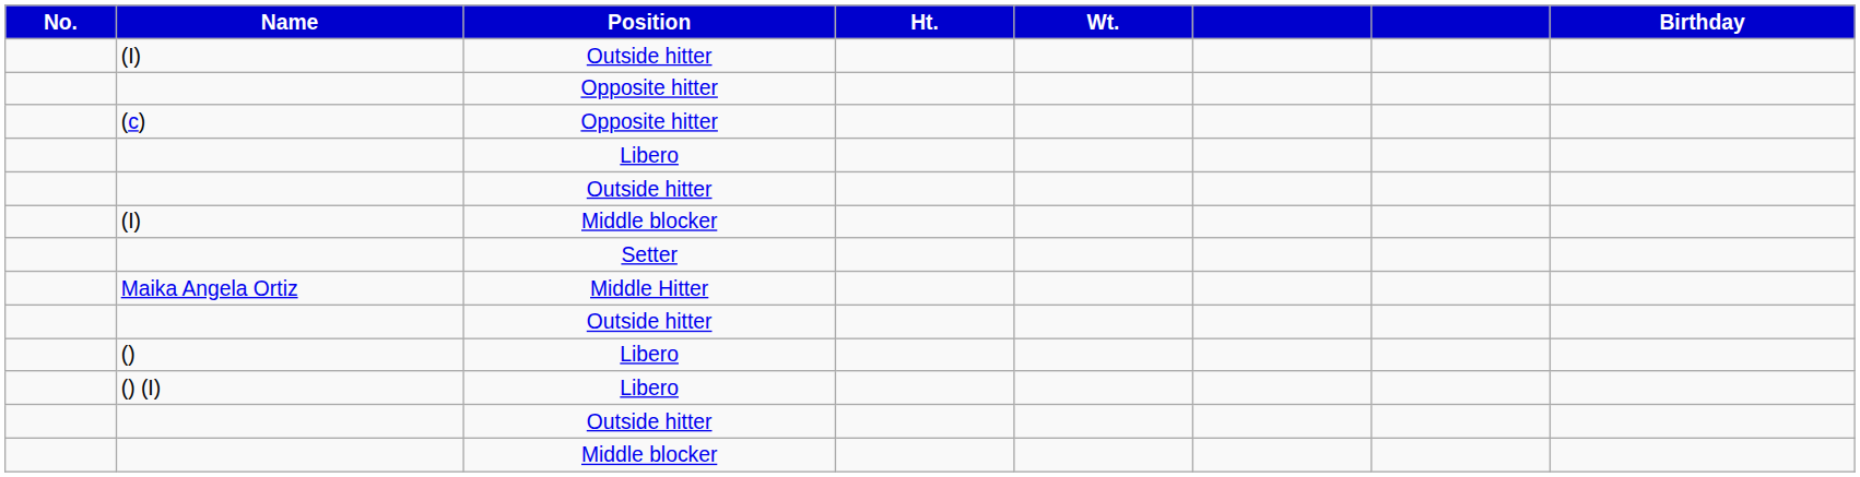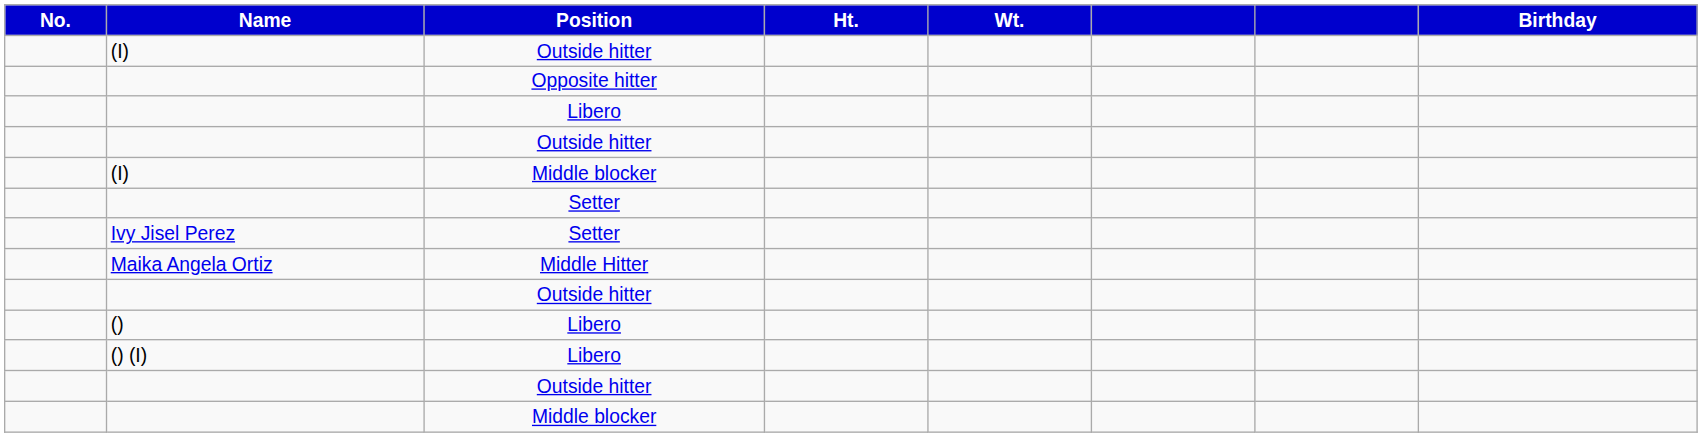 <table class="wikitable sortable" style="font-size:90%; text-align:center; width:100%;">
 <tr>
 <th style="background:#0000CD; color:white; text-align: center"><strong>No.</strong></th>
 <th style="width:16em; background:#0000CD; color:white;">Name</th>
 <th style="background:#0000CD; color:white; text-align: center"><strong>Position</strong></th>
 <th style="width:8em; background:#0000CD; color:white;">Ht.</th>
 <th style="width:8em; background:#0000CD; color:white;">Wt.</th>
 <th style="width:8em; background:#0000CD; color:white;"></th>
 <th style="width:8em; background:#0000CD; color:white;"></th>
 <th style="width:14em; background:#0000CD; color:white;">Birthday</th>
 </tr>
 <tr>
 <td></td>
 <td align=left> (I)</td>
 <td><a href='#'>Outside hitter</a></td>
 <td></td>
 <td></td>
 <td></td>
 <td></td>
 <td align=right></td>
 </tr>
 <tr>
 <td></td>
 <td align=left></td>
-<td><a href='#'>Opposite hitter</a></td>
-<td></td>
-<td></td>
-<td></td>
-<td></td>
-<td align=right></td>
-</tr>
-<tr>
-<td></td>
-<td align=left> (<a href='#'>c</a>)</td>
 <td><a href='#'>Opposite hitter</a></td>
 <td></td>
 <td></td>
 <td></td>
 <td></td>
 <td align=right></td>
 </tr>
 <tr>
 <td></td>
 <td align=left></td>
 <td><a href='#'>Libero</a></td>
 <td></td>
 <td></td>
 <td></td>
 <td></td>
 <td align=right></td>
 </tr>
 <tr>
 <td></td>
 <td align=left></td>
 <td><a href='#'>Outside hitter</a></td>
 <td></td>
 <td></td>
 <td></td>
 <td></td>
 <td align=right></td>
 </tr>
 <tr>
 <td></td>
 <td align=left> (I)</td>
 <td><a href='#'>Middle blocker</a></td>
 <td></td>
 <td></td>
 <td></td>
 <td></td>
 <td align=right></td>
 </tr>
 <tr>
 <td></td>
 <td align=left></td>
+<td><a href='#'>Setter</a></td>
+<td></td>
+<td></td>
+<td></td>
+<td></td>
+<td align=right></td>
+</tr>
+<tr>
+<td></td>
+<td align=left><a href='#'>Ivy Jisel Perez</a></td>
 <td><a href='#'>Setter</a></td>
 <td></td>
 <td></td>
 <td></td>
 <td></td>
 <td align=right></td>
 </tr>
 <tr>
 <td></td>
 <td align=left><a href='#'>Maika Angela Ortiz</a></td>
 <td><a href='#'>Middle Hitter</a></td>
 <td></td>
 <td></td>
 <td></td>
 <td></td>
 <td align=right></td>
 </tr>
 <tr>
 <td></td>
 <td align=left></td>
 <td><a href='#'>Outside hitter</a></td>
 <td></td>
 <td></td>
 <td></td>
 <td></td>
 <td align=right></td>
 </tr>
 <tr>
 <td></td>
 <td align=left> ()</td>
 <td><a href='#'>Libero</a></td>
 <td></td>
 <td></td>
 <td></td>
 <td></td>
 <td align=right></td>
 </tr>
 <tr>
 <td></td>
 <td align=left> () (I)</td>
 <td><a href='#'>Libero</a></td>
 <td></td>
 <td></td>
 <td></td>
 <td></td>
 <td align=right></td>
 </tr>
 <tr>
 <td></td>
 <td align=left></td>
 <td><a href='#'>Outside hitter</a></td>
 <td></td>
 <td></td>
 <td></td>
 <td></td>
 <td align=right></td>
 </tr>
 <tr>
 <td></td>
 <td align=left></td>
 <td><a href='#'>Middle blocker</a></td>
 <td></td>
 <td></td>
 <td></td>
 <td></td>
 <td align=right></td>
 </tr>
 </table>
